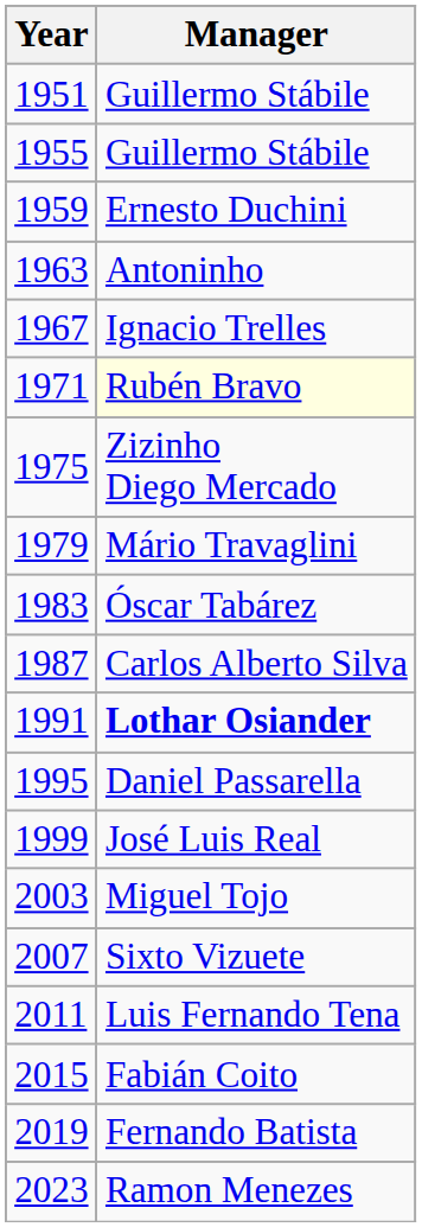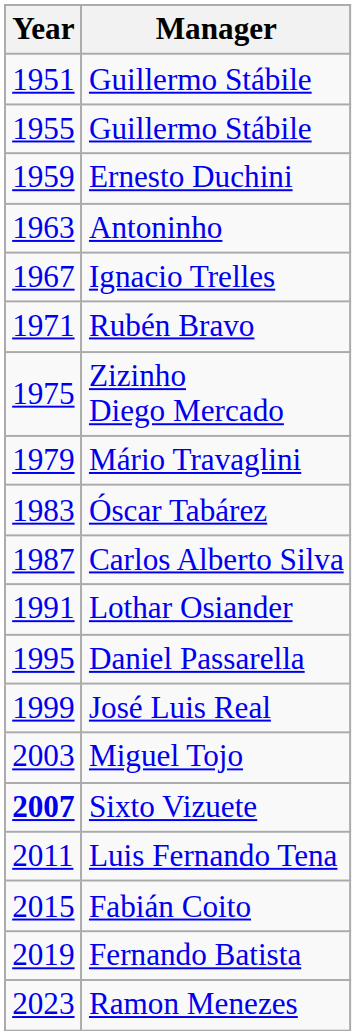 <table class="wikitable sortable">
 <tr>
 <th>Year</th>
 <th>Manager</th>
 </tr>
 <tr>
 <td><a href='#'>1951</a></td>
 <td> <a href='#'>Guillermo Stábile</a></td>
 </tr>
 <tr>
 <td><a href='#'>1955</a></td>
 <td> <a href='#'>Guillermo Stábile</a></td>
 </tr>
 <tr>
 <td><a href='#'>1959</a></td>
 <td> <a href='#'>Ernesto Duchini</a></td>
 </tr>
 <tr>
 <td><a href='#'>1963</a></td>
 <td> <a href='#'>Antoninho</a></td>
 </tr>
 <tr>
 <td><a href='#'>1967</a></td>
 <td> <a href='#'>Ignacio Trelles</a></td>
 </tr>
 <tr>
 <td><a href='#'>1971</a></td>
-<td style="background: lightyellow;"> <a href='#'>Rubén Bravo</a></td>
+<td> <a href='#'>Rubén Bravo</a></td>
 </tr>
 <tr>
 <td><a href='#'>1975</a></td>
 <td> <a href='#'>Zizinho</a> <br>  <a href='#'>Diego Mercado</a></td>
 </tr>
 <tr>
 <td><a href='#'>1979</a></td>
 <td> <a href='#'>Mário Travaglini</a></td>
 </tr>
 <tr>
 <td><a href='#'>1983</a></td>
 <td> <a href='#'>Óscar Tabárez</a></td>
 </tr>
 <tr>
 <td><a href='#'>1987</a></td>
 <td> <a href='#'>Carlos Alberto Silva</a></td>
 </tr>
 <tr>
 <td><a href='#'>1991</a></td>
-<td><strong> <a href='#'>Lothar Osiander</a></strong></td>
+<td> <a href='#'>Lothar Osiander</a></td>
 </tr>
 <tr>
 <td><a href='#'>1995</a></td>
 <td> <a href='#'>Daniel Passarella</a></td>
 </tr>
 <tr>
 <td><a href='#'>1999</a></td>
 <td> <a href='#'>José Luis Real</a></td>
 </tr>
 <tr>
 <td><a href='#'>2003</a></td>
 <td> <a href='#'>Miguel Tojo</a></td>
 </tr>
 <tr>
-<td><a href='#'>2007</a></td>
+<td><strong><a href='#'>2007</a></strong></td>
 <td> <a href='#'>Sixto Vizuete</a></td>
 </tr>
 <tr>
 <td><a href='#'>2011</a></td>
 <td> <a href='#'>Luis Fernando Tena</a></td>
 </tr>
 <tr>
 <td><a href='#'>2015</a></td>
 <td> <a href='#'>Fabián Coito</a></td>
 </tr>
 <tr>
 <td><a href='#'>2019</a></td>
 <td> <a href='#'>Fernando Batista</a></td>
 </tr>
 <tr>
 <td><a href='#'>2023</a></td>
 <td> <a href='#'>Ramon Menezes</a></td>
 </tr>
 </table>
